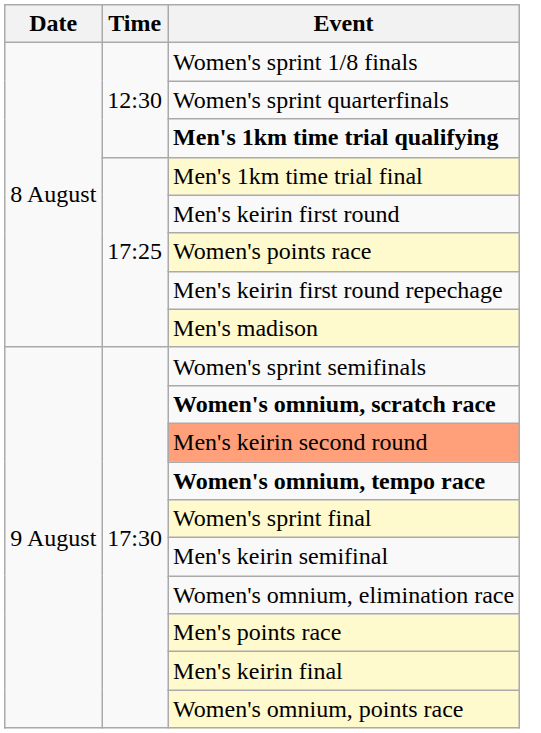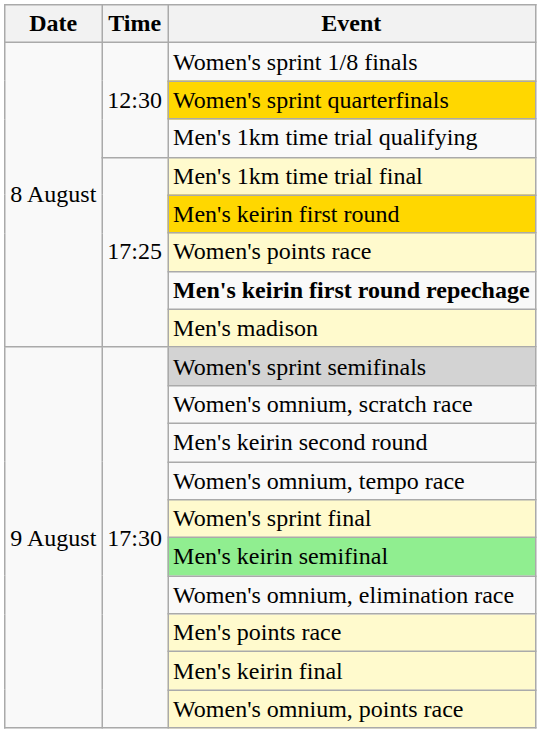 <table class="wikitable">
 <tr>
 <th>Date</th>
 <th>Time</th>
 <th>Event</th>
 </tr>
 <tr>
 <td rowspan=8>8 August</td>
 <td rowspan=3>12:30</td>
 <td>Women's sprint 1/8 finals</td>
 </tr>
 <tr>
-<td>Women's sprint quarterfinals</td>
+<td style="background: gold;">Women's sprint quarterfinals</td>
 </tr>
 <tr>
-<td><strong>Men's 1km time trial qualifying</strong></td>
+<td>Men's 1km time trial qualifying</td>
 </tr>
 <tr>
 <td rowspan=5>17:25</td>
 <td style="background:lemonchiffon">Men's 1km time trial final</td>
 </tr>
 <tr>
-<td>Men's keirin first round</td>
+<td style="background: gold;">Men's keirin first round</td>
 </tr>
 <tr>
 <td style="background:lemonchiffon">Women's points race</td>
 </tr>
 <tr>
-<td>Men's keirin first round repechage</td>
+<td><strong>Men's keirin first round repechage</strong></td>
 </tr>
 <tr>
 <td style="background:lemonchiffon">Men's madison</td>
 </tr>
 <tr>
 <td rowspan=10>9 August</td>
 <td rowspan=10>17:30</td>
-<td>Women's sprint semifinals</td>
+<td style="background: lightgrey;">Women's sprint semifinals</td>
 </tr>
 <tr>
-<td><strong>Women's omnium, scratch race</strong></td>
+<td>Women's omnium, scratch race</td>
 </tr>
 <tr>
-<td style="background: lightsalmon;">Men's keirin second round</td>
+<td>Men's keirin second round</td>
 </tr>
 <tr>
-<td><strong>Women's omnium, tempo race</strong></td>
+<td>Women's omnium, tempo race</td>
 </tr>
 <tr>
 <td style="background:lemonchiffon">Women's sprint final</td>
 </tr>
 <tr>
-<td>Men's keirin semifinal</td>
+<td style="background: lightgreen;">Men's keirin semifinal</td>
 </tr>
 <tr>
 <td>Women's omnium, elimination race</td>
 </tr>
 <tr>
 <td style="background:lemonchiffon">Men's points race</td>
 </tr>
 <tr>
 <td style="background:lemonchiffon">Men's keirin final</td>
 </tr>
 <tr>
 <td style="background:lemonchiffon">Women's omnium, points race</td>
 </tr>
 </table>
